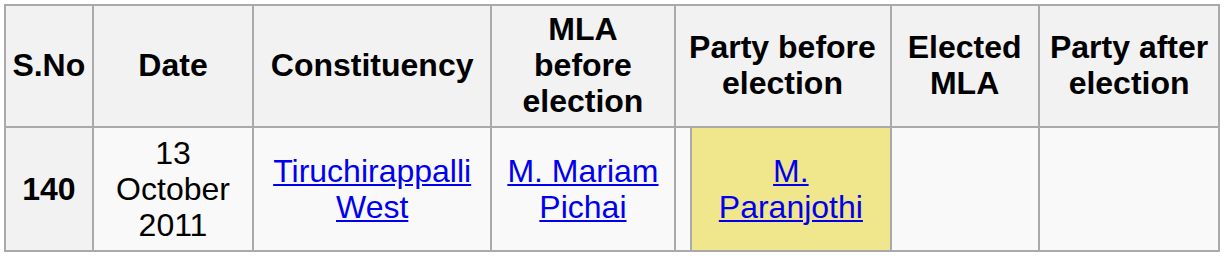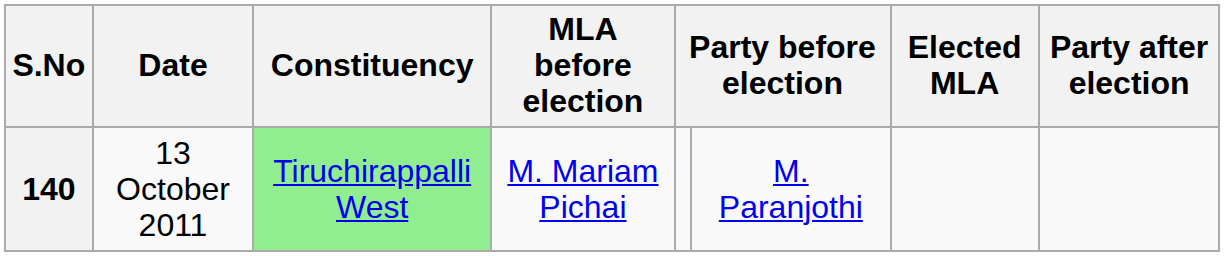 <table class="wikitable sortable" style="text-align:center;">
 <tr>
 <th>S.No</th>
 <th>Date</th>
 <th>Constituency</th>
 <th>MLA before election</th>
 <th colspan="2">Party before election</th>
 <th>Elected MLA</th>
 <th colspan="2">Party after election</th>
 </tr>
 <tr>
 <th>140</th>
 <td>13 October 2011</td>
-<td><a href='#'>Tiruchirappalli West</a></td>
+<td style="background: lightgreen;"><a href='#'>Tiruchirappalli West</a></td>
 <td><a href='#'>M. Mariam Pichai</a></td>
 <td></td>
-<td style="background: khaki;"><a href='#'>M. Paranjothi</a></td>
+<td><a href='#'>M. Paranjothi</a></td>
 <td></td>
 </tr>
 </table>
